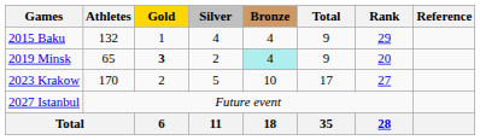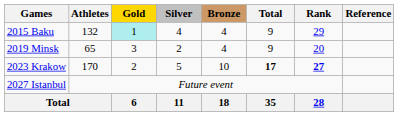 <table class="wikitable" style="text-align:center; font-size:90%;">
 <tr>
 <th>Games</th>
 <th>Athletes</th>
 <td style="background:gold; width:3.7em; font-weight:bold;">Gold</td>
 <td style="background:silver; width:3.7em; font-weight:bold;">Silver</td>
 <td style="background:#cc9966; width:3.7em; font-weight:bold;">Bronze</td>
 <th style="width:4em; font-weight:bold;">Total</th>
 <th style="width:4em; font-weight:bold;">Rank</th>
 <th>Reference</th>
 </tr>
 <tr>
 <td align=left> <a href='#'>2015 Baku</a></td>
 <td>132</td>
-<td>1</td>
+<td style="background: paleturquoise;">1</td>
 <td>4</td>
 <td>4</td>
 <td>9</td>
 <td><a href='#'>29</a></td>
 <td></td>
 </tr>
 <tr>
 <td align=left> <a href='#'>2019 Minsk</a></td>
 <td>65</td>
-<td><strong>3</strong></td>
+<td>3</td>
 <td>2</td>
-<td style="background: paleturquoise;">4</td>
+<td>4</td>
 <td>9</td>
 <td><a href='#'>20</a></td>
 <td></td>
 </tr>
 <tr>
 <td align=left> <a href='#'>2023 Krakow</a></td>
 <td>170</td>
 <td>2</td>
 <td>5</td>
 <td>10</td>
-<td>17</td>
-<td><a href='#'>27</a></td>
+<td><strong>17</strong></td>
+<td><strong><a href='#'>27</a></strong></td>
 <td></td>
 </tr>
 <tr>
 <td align=left> <a href='#'>2027 Istanbul</a></td>
 <td colspan=6><em>Future event</em></td>
 </tr>
 <tr>
 <th colspan=2>Total</th>
 <th>6</th>
 <th>11</th>
 <th>18</th>
 <th>35</th>
 <th><a href='#'>28</a></th>
 <th></th>
 </tr>
 </table>
